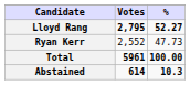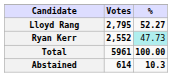 <table class="wikitable sortable plainrowheaders">
 <tr style="background-color:#E9E9E9">
 </tr>
 <tr>
 <th scope="col" style="background:#ddf; width:150px;">Candidate</th>
 <th scope="col" style="background:#ddf;">Votes</th>
 <th scope="col" style="background:#ddf;">%</th>
 </tr>
 <tr>
 <th scope="row"><strong>Lloyd Rang</strong></th>
 <td align="right"><strong>2,795</strong></td>
 <td align=right><strong>52.27</strong></td>
 </tr>
 <tr>
 <th scope="row">Ryan Kerr</th>
-<td align="right">2,552</td>
-<td align=right>47.73</td>
+<td align="right"><strong>2,552</strong></td>
+<td align=right style="background: paleturquoise;">47.73</td>
 </tr>
 <tr>
 <th scope="row"><strong>Total</strong></th>
 <td align="right"><strong>5961</strong></td>
 <td align=right><strong>100.00</strong></td>
 </tr>
 <tr>
 <th scope="row"><strong>Abstained</strong></th>
 <td align="right"><strong>614</strong></td>
 <td align=right><strong>10.3</strong></td>
 </tr>
 </table>
